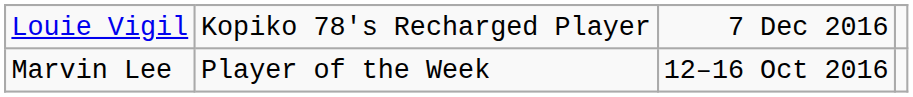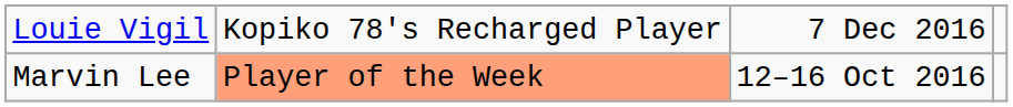 <table class=wikitable>
 <tr>
 <td><a href='#'>Louie Vigil</a></td>
 <td>Kopiko 78's Recharged Player</td>
 <td align=right>7 Dec 2016</td>
 <td align=center></td>
 </tr>
 <tr>
 <td>Marvin Lee</td>
-<td>Player of the Week</td>
+<td style="background: lightsalmon;">Player of the Week</td>
 <td align=right>12–16 Oct 2016</td>
 <td align=center></td>
 </tr>
 </table>
